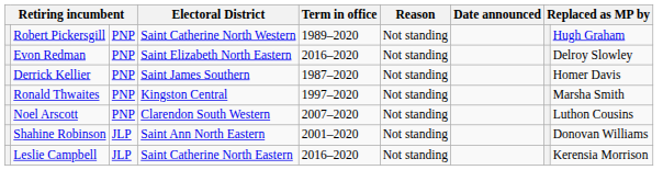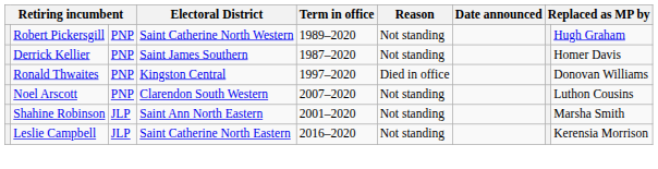 <table class="wikitable sortable">
 <tr>
 <th colspan="3">Retiring incumbent</th>
 <th scope="col">Electoral District</th>
 <th>Term in office</th>
 <th>Reason</th>
 <th>Date announced</th>
 <th colspan="2">Replaced as MP by</th>
 </tr>
 <tr>
 <th style="background:"></th>
 <td><a href='#'>Robert Pickersgill</a></td>
 <td><a href='#'>PNP</a></td>
 <td><a href='#'>Saint Catherine North Western</a></td>
 <td>1989–2020</td>
 <td>Not standing</td>
 <td></td>
 <th style="background:"></th>
 <td><a href='#'>Hugh Graham</a></td>
 </tr>
 <tr>
 <th style="background:"></th>
-<td><a href='#'>Evon Redman</a></td>
-<td scope="row" style="text-align:left;"><a href='#'>PNP</a></td>
-<td><a href='#'>Saint Elizabeth North Eastern</a></td>
-<td>2016–2020</td>
-<td>Not standing</td>
-<td></td>
-<th style="background:"></th>
-<td>Delroy Slowley</td>
-</tr>
-<tr>
-<th style="background:"></th>
 <td><a href='#'>Derrick Kellier</a></td>
 <td scope="row" style="text-align:left;"><a href='#'>PNP</a></td>
 <td><a href='#'>Saint James Southern</a></td>
 <td>1987–2020</td>
 <td>Not standing</td>
 <td></td>
 <th style="background:"></th>
 <td>Homer Davis</td>
 </tr>
 <tr>
 <th style="background:"></th>
 <td><a href='#'>Ronald Thwaites</a></td>
 <td scope="row" style="text-align:left;"><a href='#'>PNP</a></td>
 <td><a href='#'>Kingston Central</a></td>
 <td>1997–2020</td>
-<td>Not standing</td>
+<td>Died in office</td>
 <td></td>
 <th style="background:"></th>
-<td>Marsha Smith</td>
+<td>Donovan Williams</td>
 </tr>
 <tr>
 <th style="background:"></th>
 <td><a href='#'>Noel Arscott</a></td>
 <td scope="row" style="text-align:left;"><a href='#'>PNP</a></td>
 <td><a href='#'>Clarendon South Western</a></td>
 <td>2007–2020</td>
 <td>Not standing</td>
 <td></td>
 <th style="background:"></th>
 <td>Luthon Cousins</td>
 </tr>
 <tr>
 <th style="background:"></th>
 <td><a href='#'>Shahine Robinson</a></td>
 <td scope="row" style="text-align:left;"><a href='#'>JLP</a></td>
 <td><a href='#'>Saint Ann North Eastern</a></td>
 <td>2001–2020</td>
 <td>Not standing</td>
 <td></td>
 <th style="background:"></th>
-<td>Donovan Williams</td>
+<td>Marsha Smith</td>
 </tr>
 <tr>
 <th style="background:"></th>
 <td><a href='#'>Leslie Campbell</a></td>
 <td scope="row" style="text-align:left;"><a href='#'>JLP</a></td>
 <td><a href='#'>Saint Catherine North Eastern</a></td>
 <td>2016–2020</td>
 <td>Not standing</td>
 <td></td>
 <th style="background:"></th>
 <td>Kerensia Morrison</td>
 </tr>
 </table>
